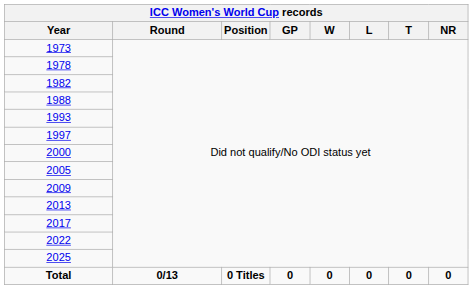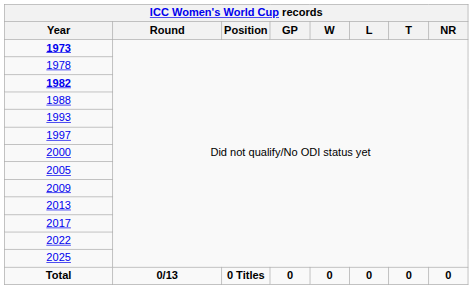 <table class="wikitable" style="text-align: center;">
 <tr>
 <th colspan=8><a href='#'>ICC Women's World Cup</a> records</th>
 </tr>
 <tr>
 <th width=150>Year</th>
 <th width=150>Round</th>
 <th width=50>Position</th>
 <th width=50>GP</th>
 <th width=50>W</th>
 <th width=50>L</th>
 <th width=50>T</th>
 <th width=50>NR</th>
 </tr>
 <tr>
-<td> <a href='#'>1973</a></td>
+<td><strong> <a href='#'>1973</a></strong></td>
 <td colspan=7  rowspan=13>Did not qualify/No ODI status yet</td>
 </tr>
 <tr>
 <td> <a href='#'>1978</a></td>
 </tr>
 <tr>
-<td> <a href='#'>1982</a></td>
+<td><strong> <a href='#'>1982</a></strong></td>
 </tr>
 <tr>
 <td> <a href='#'>1988</a></td>
 </tr>
 <tr>
 <td> <a href='#'>1993</a></td>
 </tr>
 <tr>
 <td> <a href='#'>1997</a></td>
 </tr>
 <tr>
 <td> <a href='#'>2000</a></td>
 </tr>
 <tr>
 <td> <a href='#'>2005</a></td>
 </tr>
 <tr>
 <td> <a href='#'>2009</a></td>
 </tr>
 <tr>
 <td> <a href='#'>2013</a></td>
 </tr>
 <tr>
 <td> <a href='#'>2017</a></td>
 </tr>
 <tr>
 <td> <a href='#'>2022</a></td>
 </tr>
 <tr>
 <td> <a href='#'>2025</a></td>
 </tr>
 <tr>
 <td><strong>Total</strong></td>
 <td><strong>0/13</strong></td>
 <td><strong>0 Titles</strong></td>
 <td><strong>0</strong></td>
 <td><strong>0</strong></td>
 <td><strong>0</strong></td>
 <td><strong>0</strong></td>
 <td><strong>0</strong></td>
 </tr>
 </table>
